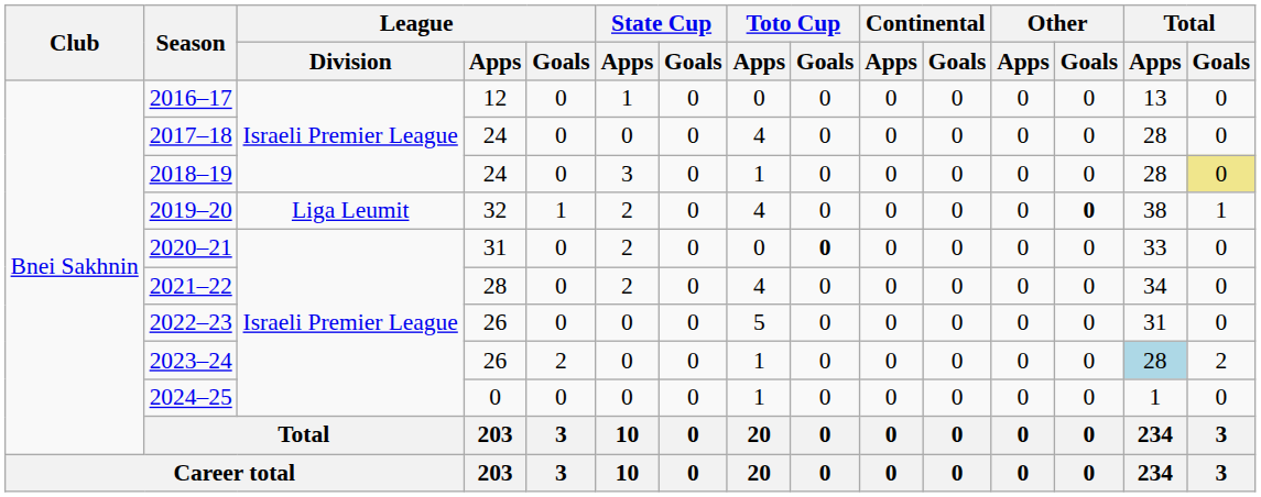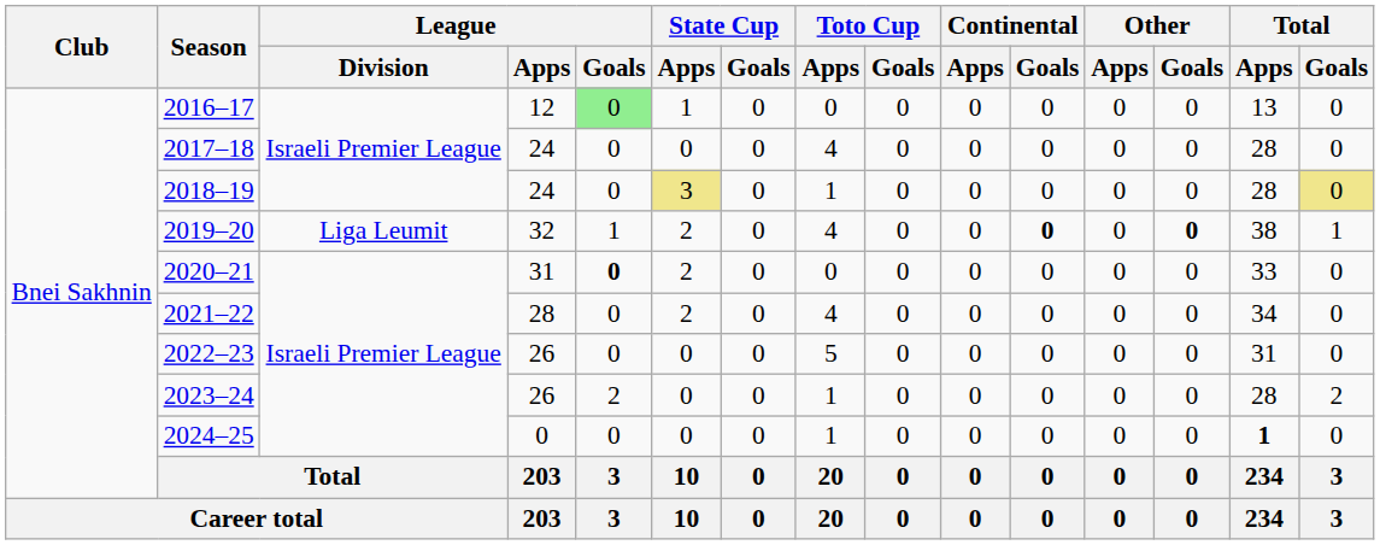 <table class="wikitable" style="text-align: center">
 <tr>
 <th rowspan="2">Club</th>
 <th rowspan="2">Season</th>
 <th colspan="3">League</th>
 <th colspan="2"><a href='#'>State Cup</a></th>
 <th colspan="2"><a href='#'>Toto Cup</a></th>
 <th colspan="2">Continental</th>
 <th colspan="2">Other</th>
 <th colspan="2">Total</th>
 </tr>
 <tr>
 <th>Division</th>
 <th>Apps</th>
 <th>Goals</th>
 <th>Apps</th>
 <th>Goals</th>
 <th>Apps</th>
 <th>Goals</th>
 <th>Apps</th>
 <th>Goals</th>
 <th>Apps</th>
 <th>Goals</th>
 <th>Apps</th>
 <th>Goals</th>
 </tr>
 <tr>
 <td rowspan="10"><a href='#'>Bnei Sakhnin</a></td>
 <td><a href='#'>2016–17</a></td>
 <td rowspan="3"><a href='#'>Israeli Premier League</a></td>
 <td>12</td>
-<td>0</td>
+<td style="background: lightgreen;">0</td>
 <td>1</td>
 <td>0</td>
 <td>0</td>
 <td>0</td>
 <td>0</td>
 <td>0</td>
 <td>0</td>
 <td>0</td>
 <td>13</td>
 <td>0</td>
 </tr>
 <tr>
 <td><a href='#'>2017–18</a></td>
 <td>24</td>
 <td>0</td>
 <td>0</td>
 <td>0</td>
 <td>4</td>
 <td>0</td>
 <td>0</td>
 <td>0</td>
 <td>0</td>
 <td>0</td>
 <td>28</td>
 <td>0</td>
 </tr>
 <tr>
 <td><a href='#'>2018–19</a></td>
 <td>24</td>
 <td>0</td>
-<td>3</td>
+<td style="background: khaki;">3</td>
 <td>0</td>
 <td>1</td>
 <td>0</td>
 <td>0</td>
 <td>0</td>
 <td>0</td>
 <td>0</td>
 <td>28</td>
 <td style="background: khaki;">0</td>
 </tr>
 <tr>
 <td><a href='#'>2019–20</a></td>
 <td rowspan="1"><a href='#'>Liga Leumit</a></td>
 <td>32</td>
 <td>1</td>
 <td>2</td>
 <td>0</td>
 <td>4</td>
 <td>0</td>
 <td>0</td>
-<td>0</td>
+<td><strong>0</strong></td>
 <td>0</td>
 <td><strong>0</strong></td>
 <td>38</td>
 <td>1</td>
 </tr>
 <tr>
 <td><a href='#'>2020–21</a></td>
 <td rowspan="5"><a href='#'>Israeli Premier League</a></td>
 <td>31</td>
-<td>0</td>
+<td><strong>0</strong></td>
 <td>2</td>
 <td>0</td>
 <td>0</td>
-<td><strong>0</strong></td>
+<td>0</td>
 <td>0</td>
 <td>0</td>
 <td>0</td>
 <td>0</td>
 <td>33</td>
 <td>0</td>
 </tr>
 <tr>
 <td><a href='#'>2021–22</a></td>
 <td>28</td>
 <td>0</td>
 <td>2</td>
 <td>0</td>
 <td>4</td>
 <td>0</td>
 <td>0</td>
 <td>0</td>
 <td>0</td>
 <td>0</td>
 <td>34</td>
 <td>0</td>
 </tr>
 <tr>
 <td><a href='#'>2022–23</a></td>
 <td>26</td>
 <td>0</td>
 <td>0</td>
 <td>0</td>
 <td>5</td>
 <td>0</td>
 <td>0</td>
 <td>0</td>
 <td>0</td>
 <td>0</td>
 <td>31</td>
 <td>0</td>
 </tr>
 <tr>
 <td><a href='#'>2023–24</a></td>
 <td>26</td>
 <td>2</td>
 <td>0</td>
 <td>0</td>
 <td>1</td>
 <td>0</td>
 <td>0</td>
 <td>0</td>
 <td>0</td>
 <td>0</td>
-<td style="background: lightblue;">28</td>
+<td>28</td>
 <td>2</td>
 </tr>
 <tr>
 <td><a href='#'>2024–25</a></td>
 <td>0</td>
 <td>0</td>
 <td>0</td>
 <td>0</td>
 <td>1</td>
 <td>0</td>
 <td>0</td>
 <td>0</td>
 <td>0</td>
 <td>0</td>
-<td>1</td>
+<td><strong>1</strong></td>
 <td>0</td>
 </tr>
 <tr>
 <th colspan="2"><strong>Total</strong></th>
 <th>203</th>
 <th>3</th>
 <th>10</th>
 <th>0</th>
 <th>20</th>
 <th>0</th>
 <th>0</th>
 <th>0</th>
 <th>0</th>
 <th>0</th>
 <th>234</th>
 <th>3</th>
 </tr>
 <tr>
 <th colspan="3"><strong>Career total</strong></th>
 <th>203</th>
 <th>3</th>
 <th>10</th>
 <th>0</th>
 <th>20</th>
 <th>0</th>
 <th>0</th>
 <th>0</th>
 <th>0</th>
 <th>0</th>
 <th>234</th>
 <th>3</th>
 </tr>
 </table>
